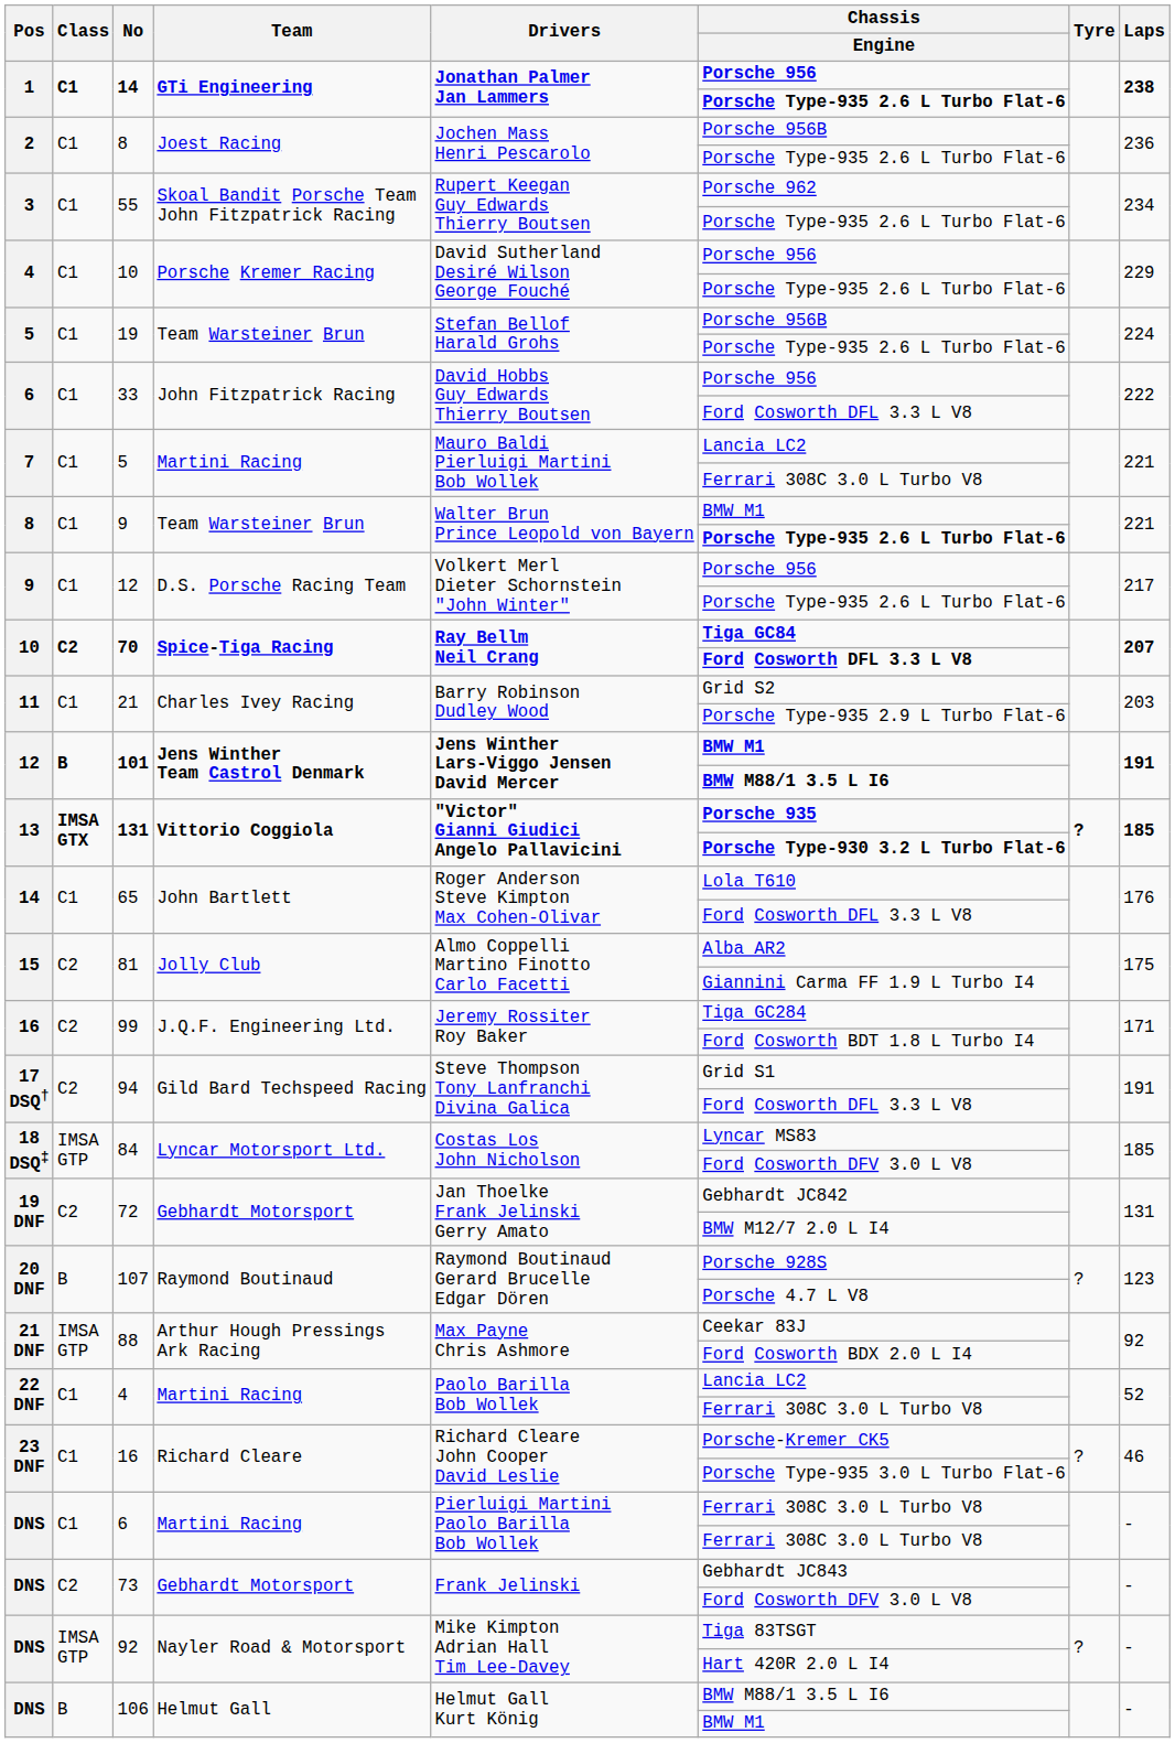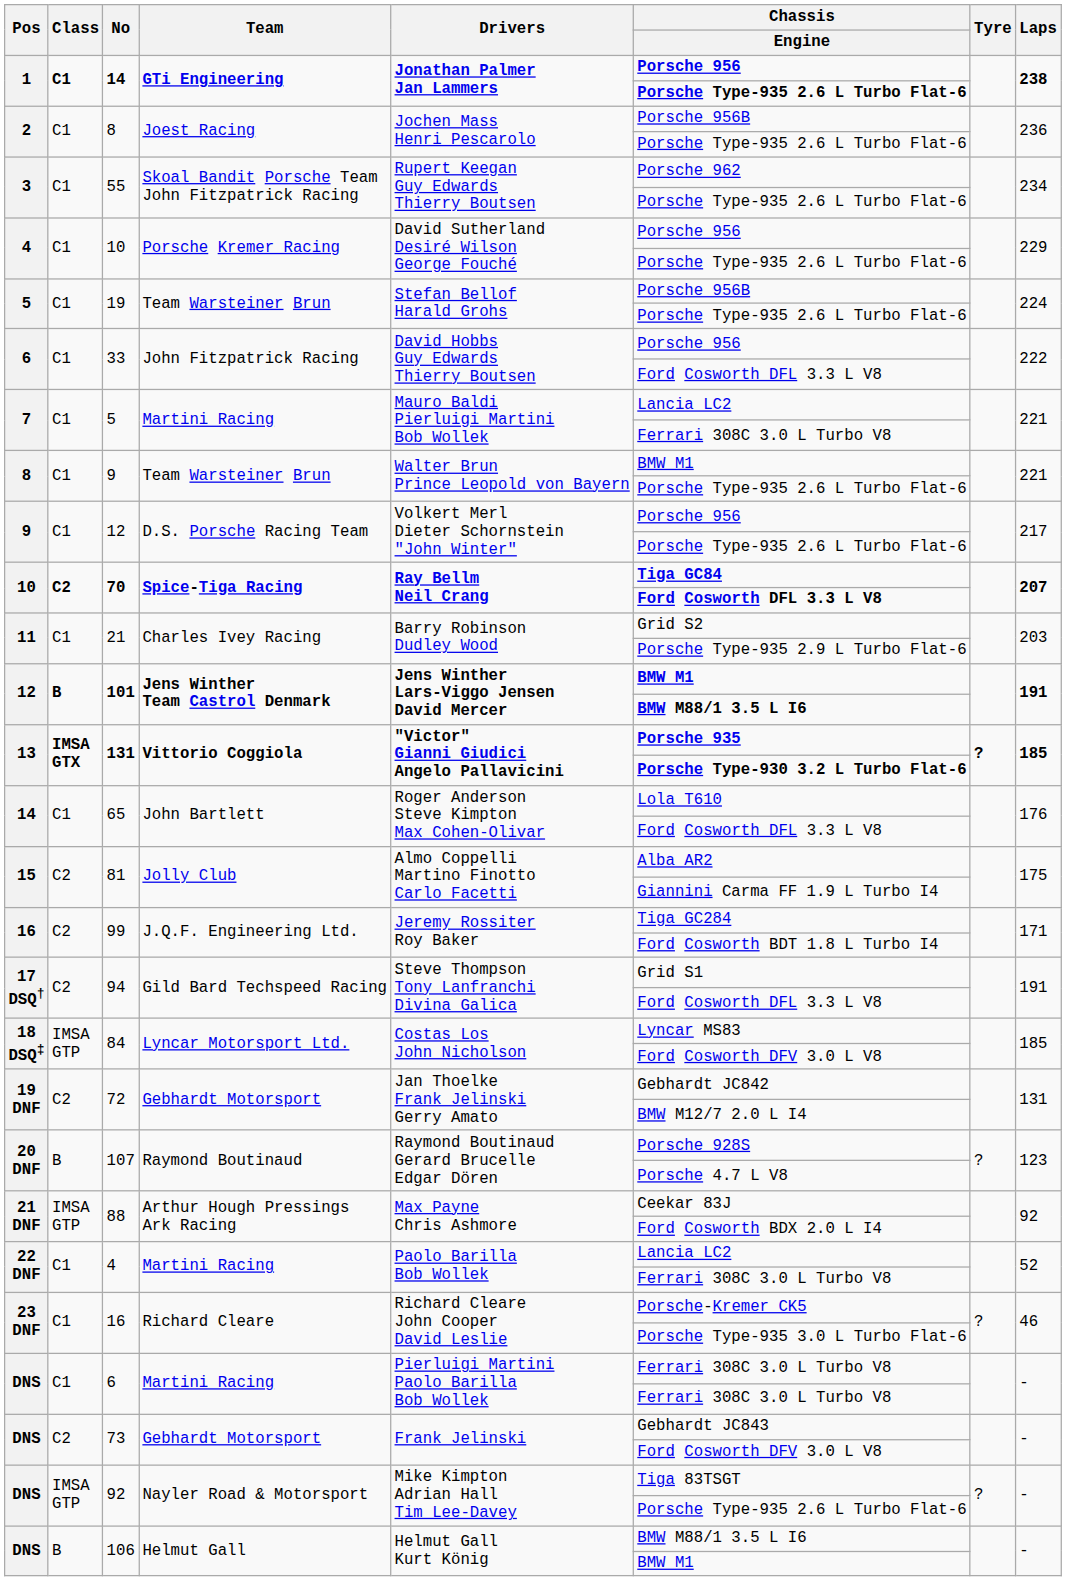 <table class="wikitable" style="font-size: 95%;">
 <tr>
 <th rowspan=2>Pos</th>
 <th rowspan=2>Class</th>
 <th rowspan=2>No</th>
 <th rowspan=2>Team</th>
 <th rowspan=2>Drivers</th>
 <th>Chassis</th>
 <th rowspan=2>Tyre</th>
 <th rowspan=2>Laps</th>
 </tr>
 <tr>
 <th>Engine</th>
 </tr>
 <tr style="font-weight:bold">
 <th rowspan=2>1</th>
 <td rowspan=2>C1</td>
 <td rowspan=2>14</td>
 <td rowspan=2> <a href='#'>GTi Engineering</a></td>
 <td rowspan=2> <a href='#'>Jonathan Palmer</a><br> <a href='#'>Jan Lammers</a></td>
 <td><a href='#'>Porsche 956</a></td>
 <td rowspan=2></td>
 <td rowspan=2>238</td>
 </tr>
 <tr style="font-weight:bold">
 <td><a href='#'>Porsche</a> Type-935 2.6 L Turbo Flat-6</td>
 </tr>
 <tr>
 <th rowspan=2>2</th>
 <td rowspan=2>C1</td>
 <td rowspan=2>8</td>
 <td rowspan=2> <a href='#'>Joest Racing</a></td>
 <td rowspan=2> <a href='#'>Jochen Mass</a><br> <a href='#'>Henri Pescarolo</a></td>
 <td><a href='#'>Porsche 956B</a></td>
 <td rowspan=2></td>
 <td rowspan=2>236</td>
 </tr>
 <tr>
 <td><a href='#'>Porsche</a> Type-935 2.6 L Turbo Flat-6</td>
 </tr>
 <tr>
 <th rowspan=2>3</th>
 <td rowspan=2>C1</td>
 <td rowspan=2>55</td>
 <td rowspan=2> <a href='#'>Skoal Bandit</a> <a href='#'>Porsche</a> Team<br> John Fitzpatrick Racing</td>
 <td rowspan=2> <a href='#'>Rupert Keegan</a><br> <a href='#'>Guy Edwards</a><br> <a href='#'>Thierry Boutsen</a></td>
 <td><a href='#'>Porsche 962</a></td>
 <td rowspan=2></td>
 <td rowspan=2>234</td>
 </tr>
 <tr>
 <td><a href='#'>Porsche</a> Type-935 2.6 L Turbo Flat-6</td>
 </tr>
 <tr>
 <th rowspan=2>4</th>
 <td rowspan=2>C1</td>
 <td rowspan=2>10</td>
 <td rowspan=2> <a href='#'>Porsche</a> <a href='#'>Kremer Racing</a></td>
 <td rowspan=2> David Sutherland<br> <a href='#'>Desiré Wilson</a><br> <a href='#'>George Fouché</a></td>
 <td><a href='#'>Porsche 956</a></td>
 <td rowspan=2></td>
 <td rowspan=2>229</td>
 </tr>
 <tr>
 <td><a href='#'>Porsche</a> Type-935 2.6 L Turbo Flat-6</td>
 </tr>
 <tr>
 <th rowspan=2>5</th>
 <td rowspan=2>C1</td>
 <td rowspan=2>19</td>
 <td rowspan=2> Team <a href='#'>Warsteiner</a> <a href='#'>Brun</a></td>
 <td rowspan=2> <a href='#'>Stefan Bellof</a><br> <a href='#'>Harald Grohs</a></td>
 <td><a href='#'>Porsche 956B</a></td>
 <td rowspan=2></td>
 <td rowspan=2>224</td>
 </tr>
 <tr>
 <td><a href='#'>Porsche</a> Type-935 2.6 L Turbo Flat-6</td>
 </tr>
 <tr>
 <th rowspan=2>6</th>
 <td rowspan=2>C1</td>
 <td rowspan=2>33</td>
 <td rowspan=2> John Fitzpatrick Racing</td>
 <td rowspan=2> <a href='#'>David Hobbs</a><br> <a href='#'>Guy Edwards</a><br> <a href='#'>Thierry Boutsen</a></td>
 <td><a href='#'>Porsche 956</a></td>
 <td rowspan=2></td>
 <td rowspan=2>222</td>
 </tr>
 <tr>
 <td><a href='#'>Ford</a> <a href='#'>Cosworth DFL</a> 3.3 L V8</td>
 </tr>
 <tr>
 <th rowspan=2>7</th>
 <td rowspan=2>C1</td>
 <td rowspan=2>5</td>
 <td rowspan=2> <a href='#'>Martini Racing</a></td>
 <td rowspan=2> <a href='#'>Mauro Baldi</a><br> <a href='#'>Pierluigi Martini</a><br> <a href='#'>Bob Wollek</a></td>
 <td><a href='#'>Lancia LC2</a></td>
 <td rowspan=2></td>
 <td rowspan=2>221</td>
 </tr>
 <tr>
 <td><a href='#'>Ferrari</a> 308C 3.0 L Turbo V8</td>
 </tr>
 <tr>
 <th rowspan=2>8</th>
 <td rowspan=2>C1</td>
 <td rowspan=2>9</td>
 <td rowspan=2> Team <a href='#'>Warsteiner</a> <a href='#'>Brun</a></td>
 <td rowspan=2> <a href='#'>Walter Brun</a><br> <a href='#'>Prince Leopold von Bayern</a></td>
 <td><a href='#'>BMW M1</a></td>
 <td rowspan=2></td>
 <td rowspan=2>221</td>
 </tr>
 <tr>
-<td><strong><a href='#'>Porsche</a> Type-935 2.6 L Turbo Flat-6</strong></td>
+<td><a href='#'>Porsche</a> Type-935 2.6 L Turbo Flat-6</td>
 </tr>
 <tr>
 <th rowspan=2>9</th>
 <td rowspan=2>C1</td>
 <td rowspan=2>12</td>
 <td rowspan=2> D.S. <a href='#'>Porsche</a> Racing Team</td>
 <td rowspan=2> Volkert Merl<br> Dieter Schornstein<br> <a href='#'>"John Winter"</a></td>
 <td><a href='#'>Porsche 956</a></td>
 <td rowspan=2></td>
 <td rowspan=2>217</td>
 </tr>
 <tr>
 <td><a href='#'>Porsche</a> Type-935 2.6 L Turbo Flat-6</td>
 </tr>
 <tr style="font-weight:bold">
 <th rowspan=2>10</th>
 <td rowspan=2>C2</td>
 <td rowspan=2>70</td>
 <td rowspan=2> <a href='#'>Spice</a>-<a href='#'>Tiga Racing</a></td>
 <td rowspan=2> <a href='#'>Ray Bellm</a><br> <a href='#'>Neil Crang</a></td>
 <td><a href='#'>Tiga GC84</a></td>
 <td rowspan=2></td>
 <td rowspan=2>207</td>
 </tr>
 <tr style="font-weight:bold">
 <td><a href='#'>Ford</a> <a href='#'>Cosworth</a> DFL 3.3 L V8</td>
 </tr>
 <tr>
 <th rowspan=2>11</th>
 <td rowspan=2>C1</td>
 <td rowspan=2>21</td>
 <td rowspan=2> Charles Ivey Racing</td>
 <td rowspan=2> Barry Robinson<br> <a href='#'>Dudley Wood</a></td>
 <td>Grid S2</td>
 <td rowspan=2></td>
 <td rowspan=2>203</td>
 </tr>
 <tr>
 <td><a href='#'>Porsche</a> Type-935 2.9 L Turbo Flat-6</td>
 </tr>
 <tr style="font-weight:bold">
 <th rowspan=2>12</th>
 <td rowspan=2>B</td>
 <td rowspan=2>101</td>
 <td rowspan=2> Jens Winther<br> Team <a href='#'>Castrol</a> Denmark</td>
 <td rowspan=2> Jens Winther<br> Lars-Viggo Jensen<br> David Mercer</td>
 <td><a href='#'>BMW M1</a></td>
 <td rowspan=2></td>
 <td rowspan=2>191</td>
 </tr>
 <tr style="font-weight:bold">
 <td><a href='#'>BMW</a> M88/1 3.5 L I6</td>
 </tr>
 <tr style="font-weight:bold">
 <th rowspan=2>13</th>
 <td rowspan=2>IMSA<br>GTX</td>
 <td rowspan=2>131</td>
 <td rowspan=2> Vittorio Coggiola</td>
 <td rowspan=2> "Victor"<br> <a href='#'>Gianni Giudici</a><br> Angelo Pallavicini</td>
 <td><a href='#'>Porsche 935</a></td>
 <td rowspan=2>?</td>
 <td rowspan=2>185</td>
 </tr>
 <tr style="font-weight:bold">
 <td><a href='#'>Porsche</a> Type-930 3.2 L Turbo Flat-6</td>
 </tr>
 <tr>
 <th rowspan=2>14</th>
 <td rowspan=2>C1</td>
 <td rowspan=2>65</td>
 <td rowspan=2> John Bartlett</td>
 <td rowspan=2> Roger Anderson<br> Steve Kimpton<br> <a href='#'>Max Cohen-Olivar</a></td>
 <td><a href='#'>Lola T610</a></td>
 <td rowspan=2></td>
 <td rowspan=2>176</td>
 </tr>
 <tr>
 <td><a href='#'>Ford</a> <a href='#'>Cosworth DFL</a> 3.3 L V8</td>
 </tr>
 <tr>
 <th rowspan=2>15</th>
 <td rowspan=2>C2</td>
 <td rowspan=2>81</td>
 <td rowspan=2> <a href='#'>Jolly Club</a></td>
 <td rowspan=2> Almo Coppelli<br> Martino Finotto<br> <a href='#'>Carlo Facetti</a></td>
 <td><a href='#'>Alba AR2</a></td>
 <td rowspan=2></td>
 <td rowspan=2>175</td>
 </tr>
 <tr>
 <td><a href='#'>Giannini</a> Carma FF 1.9 L Turbo I4</td>
 </tr>
 <tr>
 <th rowspan=2>16</th>
 <td rowspan=2>C2</td>
 <td rowspan=2>99</td>
 <td rowspan=2> J.Q.F. Engineering Ltd.</td>
 <td rowspan=2> <a href='#'>Jeremy Rossiter</a><br> Roy Baker</td>
 <td><a href='#'>Tiga GC284</a></td>
 <td rowspan=2></td>
 <td rowspan=2>171</td>
 </tr>
 <tr>
 <td><a href='#'>Ford</a> <a href='#'>Cosworth</a> BDT 1.8 L Turbo I4</td>
 </tr>
 <tr>
 <th rowspan=2>17<br>DSQ<sup>†</sup></th>
 <td rowspan=2>C2</td>
 <td rowspan=2>94</td>
 <td rowspan=2> Gild Bard Techspeed Racing</td>
 <td rowspan=2> Steve Thompson<br> <a href='#'>Tony Lanfranchi</a><br> <a href='#'>Divina Galica</a></td>
 <td>Grid S1</td>
 <td rowspan=2></td>
 <td rowspan=2>191</td>
 </tr>
 <tr>
 <td><a href='#'>Ford</a> <a href='#'>Cosworth DFL</a> 3.3 L V8</td>
 </tr>
 <tr>
 <th rowspan=2>18<br>DSQ<sup>‡</sup></th>
 <td rowspan=2>IMSA<br>GTP</td>
 <td rowspan=2>84</td>
 <td rowspan=2> <a href='#'>Lyncar Motorsport Ltd.</a></td>
 <td rowspan=2> <a href='#'>Costas Los</a><br> <a href='#'>John Nicholson</a></td>
 <td><a href='#'>Lyncar</a> MS83</td>
 <td rowspan=2></td>
 <td rowspan=2>185</td>
 </tr>
 <tr>
 <td><a href='#'>Ford</a> <a href='#'>Cosworth DFV</a> 3.0 L V8</td>
 </tr>
 <tr>
 <th rowspan=2>19<br>DNF</th>
 <td rowspan=2>C2</td>
 <td rowspan=2>72</td>
 <td rowspan=2> <a href='#'>Gebhardt Motorsport</a></td>
 <td rowspan=2> Jan Thoelke<br> <a href='#'>Frank Jelinski</a><br> Gerry Amato</td>
 <td>Gebhardt JC842</td>
 <td rowspan=2></td>
 <td rowspan=2>131</td>
 </tr>
 <tr>
 <td><a href='#'>BMW</a> M12/7 2.0 L I4</td>
 </tr>
 <tr>
 <th rowspan=2>20<br>DNF</th>
 <td rowspan=2>B</td>
 <td rowspan=2>107</td>
 <td rowspan=2> Raymond Boutinaud</td>
 <td rowspan=2> Raymond Boutinaud<br> Gerard Brucelle<br> Edgar Dören</td>
 <td><a href='#'>Porsche 928S</a></td>
 <td rowspan=2>?</td>
 <td rowspan=2>123</td>
 </tr>
 <tr>
 <td><a href='#'>Porsche</a> 4.7 L V8</td>
 </tr>
 <tr>
 <th rowspan=2>21<br>DNF</th>
 <td rowspan=2>IMSA<br>GTP</td>
 <td rowspan=2>88</td>
 <td rowspan=2> Arthur Hough Pressings<br> Ark Racing</td>
 <td rowspan=2> <a href='#'>Max Payne</a><br> Chris Ashmore</td>
 <td>Ceekar 83J</td>
 <td rowspan=2></td>
 <td rowspan=2>92</td>
 </tr>
 <tr>
 <td><a href='#'>Ford</a> <a href='#'>Cosworth</a> BDX 2.0 L I4</td>
 </tr>
 <tr>
 <th rowspan=2>22<br>DNF</th>
 <td rowspan=2>C1</td>
 <td rowspan=2>4</td>
 <td rowspan=2> <a href='#'>Martini Racing</a></td>
 <td rowspan=2> <a href='#'>Paolo Barilla</a><br> <a href='#'>Bob Wollek</a></td>
 <td><a href='#'>Lancia LC2</a></td>
 <td rowspan=2></td>
 <td rowspan=2>52</td>
 </tr>
 <tr>
 <td><a href='#'>Ferrari</a> 308C 3.0 L Turbo V8</td>
 </tr>
 <tr>
 <th rowspan=2>23<br>DNF</th>
 <td rowspan=2>C1</td>
 <td rowspan=2>16</td>
 <td rowspan=2> Richard Cleare</td>
 <td rowspan=2> Richard Cleare<br> John Cooper<br> <a href='#'>David Leslie</a></td>
 <td><a href='#'>Porsche</a>-<a href='#'>Kremer CK5</a></td>
 <td rowspan=2>?</td>
 <td rowspan=2>46</td>
 </tr>
 <tr>
 <td><a href='#'>Porsche</a> Type-935 3.0 L Turbo Flat-6</td>
 </tr>
 <tr>
 <th rowspan=2>DNS</th>
 <td rowspan=2>C1</td>
 <td rowspan=2>6</td>
 <td rowspan=2> <a href='#'>Martini Racing</a></td>
 <td rowspan=2> <a href='#'>Pierluigi Martini</a><br> <a href='#'>Paolo Barilla</a><br> <a href='#'>Bob Wollek</a></td>
 <td><a href='#'>Ferrari</a> 308C 3.0 L Turbo V8</td>
 <td rowspan=2></td>
 <td rowspan=2>-</td>
 </tr>
 <tr>
 <td><a href='#'>Ferrari</a> 308C 3.0 L Turbo V8</td>
 </tr>
 <tr>
 <th rowspan=2>DNS</th>
 <td rowspan=2>C2</td>
 <td rowspan=2>73</td>
 <td rowspan=2> <a href='#'>Gebhardt Motorsport</a></td>
 <td rowspan=2> <a href='#'>Frank Jelinski</a></td>
 <td>Gebhardt JC843</td>
 <td rowspan=2></td>
 <td rowspan=2>-</td>
 </tr>
 <tr>
 <td><a href='#'>Ford</a> <a href='#'>Cosworth DFV</a> 3.0 L V8</td>
 </tr>
 <tr>
 <th rowspan=2>DNS</th>
 <td rowspan=2>IMSA<br>GTP</td>
 <td rowspan=2>92</td>
 <td rowspan=2> Nayler Road & Motorsport</td>
 <td rowspan=2> Mike Kimpton<br> Adrian Hall<br> <a href='#'>Tim Lee-Davey</a></td>
 <td><a href='#'>Tiga</a> 83TSGT</td>
 <td rowspan=2>?</td>
 <td rowspan=2>-</td>
 </tr>
 <tr>
-<td><a href='#'>Hart</a> 420R 2.0 L I4</td>
+<td><a href='#'>Porsche</a> Type-935 2.6 L Turbo Flat-6</td>
 </tr>
 <tr>
 <th rowspan=2>DNS</th>
 <td rowspan=2>B</td>
 <td rowspan=2>106</td>
 <td rowspan=2> Helmut Gall</td>
 <td rowspan=2> Helmut Gall<br> Kurt König</td>
 <td><a href='#'>BMW</a> M88/1 3.5 L I6</td>
 <td rowspan=2></td>
 <td rowspan=2>-</td>
 </tr>
 <tr>
 <td><a href='#'>BMW M1</a></td>
 </tr>
 </table>
